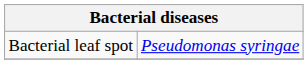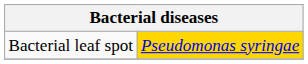 <table class="wikitable" style="clear">
 <tr>
 <th colspan=2><strong>Bacterial diseases</strong><br></th>
 </tr>
 <tr>
 <td>Bacterial leaf spot</td>
-<td><em><a href='#'>Pseudomonas syringae</a></em></td>
+<td style="background: gold;"><em><a href='#'>Pseudomonas syringae</a></em></td>
 </tr>
 <tr>
 </tr>
 </table>
